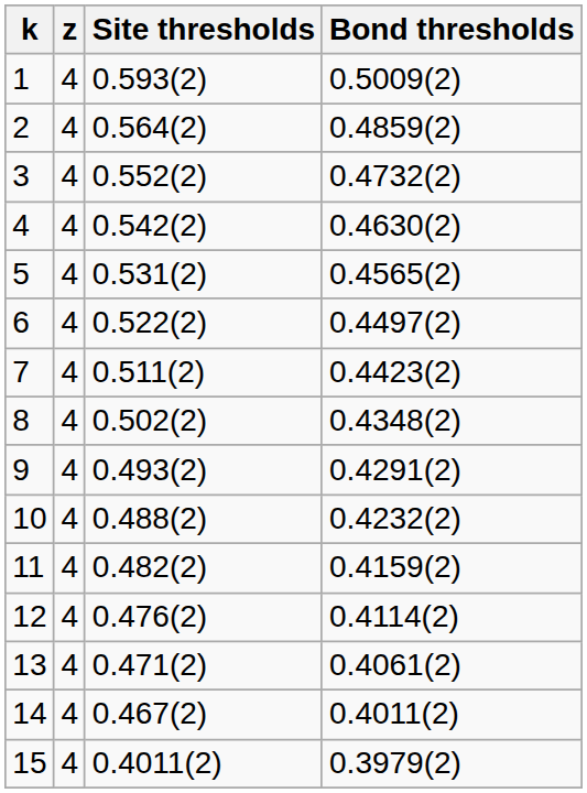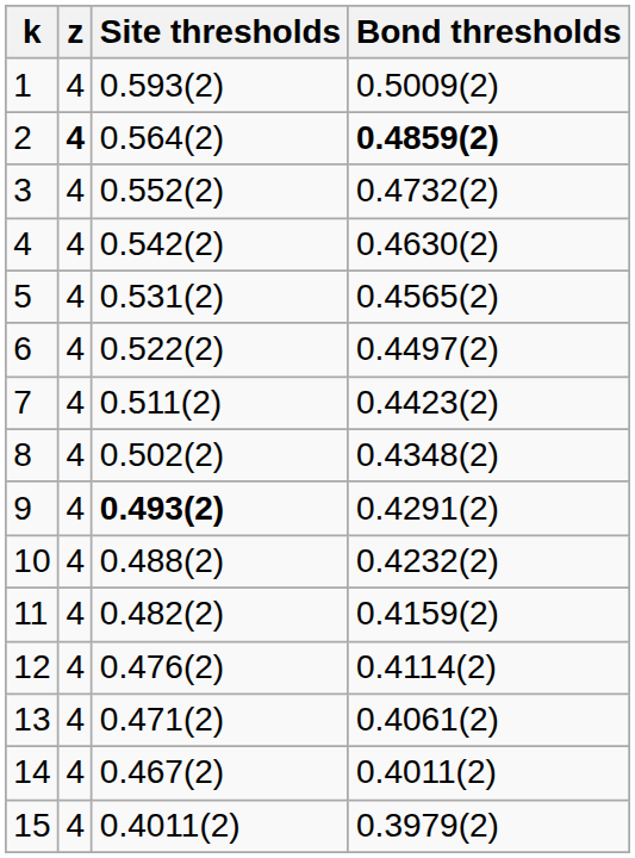 <table class="wikitable" border="1">
 <tr>
 <th>k</th>
 <th>z</th>
 <th>Site thresholds</th>
 <th>Bond thresholds</th>
 </tr>
 <tr>
 <td>1</td>
 <td>4</td>
 <td>0.593(2)</td>
 <td>0.5009(2)</td>
 </tr>
 <tr>
 <td>2</td>
-<td>4</td>
+<td><strong>4</strong></td>
 <td>0.564(2)</td>
-<td>0.4859(2)</td>
+<td><strong>0.4859(2)</strong></td>
 </tr>
 <tr>
 <td>3</td>
 <td>4</td>
 <td>0.552(2)</td>
 <td>0.4732(2)</td>
 </tr>
 <tr>
 <td>4</td>
 <td>4</td>
 <td>0.542(2)</td>
 <td>0.4630(2)</td>
 </tr>
 <tr>
 <td>5</td>
 <td>4</td>
 <td>0.531(2)</td>
 <td>0.4565(2)</td>
 </tr>
 <tr>
 <td>6</td>
 <td>4</td>
 <td>0.522(2)</td>
 <td>0.4497(2)</td>
 </tr>
 <tr>
 <td>7</td>
 <td>4</td>
 <td>0.511(2)</td>
 <td>0.4423(2)</td>
 </tr>
 <tr>
 <td>8</td>
 <td>4</td>
 <td>0.502(2)</td>
 <td>0.4348(2)</td>
 </tr>
 <tr>
 <td>9</td>
 <td>4</td>
-<td>0.493(2)</td>
+<td><strong>0.493(2)</strong></td>
 <td>0.4291(2)</td>
 </tr>
 <tr>
 <td>10</td>
 <td>4</td>
 <td>0.488(2)</td>
 <td>0.4232(2)</td>
 </tr>
 <tr>
 <td>11</td>
 <td>4</td>
 <td>0.482(2)</td>
 <td>0.4159(2)</td>
 </tr>
 <tr>
 <td>12</td>
 <td>4</td>
 <td>0.476(2)</td>
 <td>0.4114(2)</td>
 </tr>
 <tr>
 <td>13</td>
 <td>4</td>
 <td>0.471(2)</td>
 <td>0.4061(2)</td>
 </tr>
 <tr>
 <td>14</td>
 <td>4</td>
 <td>0.467(2)</td>
 <td>0.4011(2)</td>
 </tr>
 <tr>
 <td>15</td>
 <td>4</td>
 <td>0.4011(2)</td>
 <td>0.3979(2)</td>
 </tr>
 <tr>
 </tr>
 </table>
